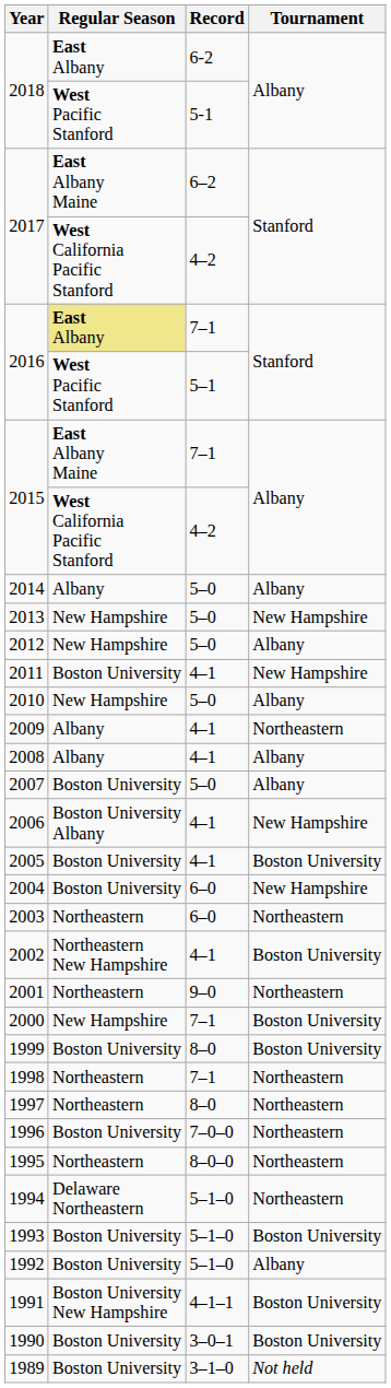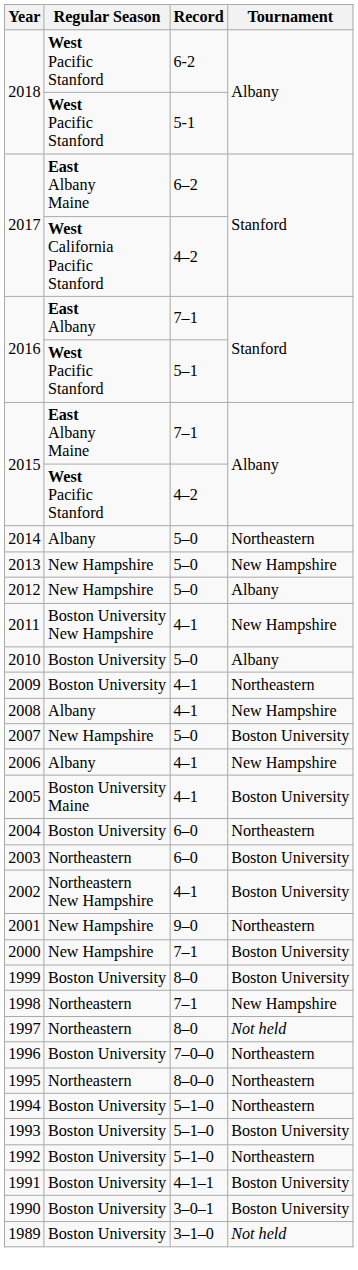 <table class="wikitable sortable">
 <tr>
 <th>Year</th>
 <th>Regular Season</th>
 <th>Record</th>
 <th>Tournament</th>
 </tr>
 <tr>
 <td rowspan=2>2018</td>
-<td><strong>East</strong><br>Albany</td>
+<td><strong>West</strong><br>Pacific<br>Stanford</td>
 <td>6-2</td>
 <td rowspan=2>Albany</td>
 </tr>
 <tr>
 <td><strong>West</strong><br>Pacific<br>Stanford</td>
 <td>5-1</td>
 </tr>
 <tr>
 <td rowspan=2>2017</td>
 <td><strong>East</strong><br>Albany<br>Maine</td>
 <td>6–2</td>
 <td rowspan=2>Stanford</td>
 </tr>
 <tr>
 <td><strong>West</strong><br>California<br>Pacific<br>Stanford</td>
 <td>4–2</td>
 </tr>
 <tr>
 <td rowspan=2>2016</td>
-<td style="background: khaki;"><strong>East</strong><br>Albany</td>
+<td><strong>East</strong><br>Albany</td>
 <td>7–1</td>
 <td rowspan=2>Stanford</td>
 </tr>
 <tr>
 <td><strong>West</strong><br>Pacific<br>Stanford</td>
 <td>5–1</td>
 </tr>
 <tr>
 <td rowspan=2>2015</td>
 <td><strong>East</strong><br>Albany<br>Maine</td>
 <td>7–1</td>
 <td rowspan=2>Albany</td>
 </tr>
 <tr>
-<td><strong>West</strong><br>California<br>Pacific<br>Stanford</td>
+<td><strong>West</strong><br>Pacific<br>Stanford</td>
 <td>4–2</td>
 </tr>
 <tr>
 <td>2014</td>
 <td>Albany</td>
 <td>5–0</td>
-<td>Albany</td>
+<td>Northeastern</td>
 </tr>
 <tr>
 <td>2013</td>
 <td>New Hampshire</td>
 <td>5–0</td>
 <td>New Hampshire</td>
 </tr>
 <tr>
 <td>2012</td>
 <td>New Hampshire</td>
 <td>5–0</td>
 <td>Albany</td>
 </tr>
 <tr>
 <td>2011</td>
-<td>Boston University</td>
+<td>Boston University<br>New Hampshire</td>
 <td>4–1</td>
 <td>New Hampshire</td>
 </tr>
 <tr>
 <td>2010</td>
-<td>New Hampshire</td>
+<td>Boston University</td>
 <td>5–0</td>
 <td>Albany</td>
 </tr>
 <tr>
 <td>2009</td>
-<td>Albany</td>
+<td>Boston University</td>
 <td>4–1</td>
 <td>Northeastern</td>
 </tr>
 <tr>
 <td>2008</td>
 <td>Albany</td>
 <td>4–1</td>
-<td>Albany</td>
+<td>New Hampshire</td>
 </tr>
 <tr>
 <td>2007</td>
+<td>New Hampshire</td>
+<td>5–0</td>
 <td>Boston University</td>
-<td>5–0</td>
-<td>Albany</td>
 </tr>
 <tr>
 <td>2006</td>
-<td>Boston University<br>Albany</td>
+<td>Albany</td>
 <td>4–1</td>
 <td>New Hampshire</td>
 </tr>
 <tr>
 <td>2005</td>
-<td>Boston University</td>
+<td>Boston University<br>Maine</td>
 <td>4–1</td>
 <td>Boston University</td>
 </tr>
 <tr>
 <td>2004</td>
 <td>Boston University</td>
 <td>6–0</td>
-<td>New Hampshire</td>
+<td>Northeastern</td>
 </tr>
 <tr>
 <td>2003</td>
 <td>Northeastern</td>
 <td>6–0</td>
-<td>Northeastern</td>
+<td>Boston University</td>
 </tr>
 <tr>
 <td>2002</td>
 <td>Northeastern<br>New Hampshire</td>
 <td>4–1</td>
 <td>Boston University</td>
 </tr>
 <tr>
 <td>2001</td>
-<td>Northeastern</td>
+<td>New Hampshire</td>
 <td>9–0</td>
 <td>Northeastern</td>
 </tr>
 <tr>
 <td>2000</td>
 <td>New Hampshire</td>
 <td>7–1</td>
 <td>Boston University</td>
 </tr>
 <tr>
 <td>1999</td>
 <td>Boston University</td>
 <td>8–0</td>
 <td>Boston University</td>
 </tr>
 <tr>
 <td>1998</td>
 <td>Northeastern</td>
 <td>7–1</td>
-<td>Northeastern</td>
+<td>New Hampshire</td>
 </tr>
 <tr>
 <td>1997</td>
 <td>Northeastern</td>
 <td>8–0</td>
-<td>Northeastern</td>
+<td><em>Not held</em></td>
 </tr>
 <tr>
 <td>1996</td>
 <td>Boston University</td>
 <td>7–0–0</td>
 <td>Northeastern</td>
 </tr>
 <tr>
 <td>1995</td>
 <td>Northeastern</td>
 <td>8–0–0</td>
 <td>Northeastern</td>
 </tr>
 <tr>
 <td>1994</td>
-<td>Delaware<br>Northeastern</td>
+<td>Boston University</td>
 <td>5–1–0</td>
 <td>Northeastern</td>
 </tr>
 <tr>
 <td>1993</td>
 <td>Boston University</td>
 <td>5–1–0</td>
 <td>Boston University</td>
 </tr>
 <tr>
 <td>1992</td>
 <td>Boston University</td>
 <td>5–1–0</td>
-<td>Albany</td>
+<td>Northeastern</td>
 </tr>
 <tr>
 <td>1991</td>
-<td>Boston University<br>New Hampshire</td>
+<td>Boston University</td>
 <td>4–1–1</td>
 <td>Boston University</td>
 </tr>
 <tr>
 <td>1990</td>
 <td>Boston University</td>
 <td>3–0–1</td>
 <td>Boston University</td>
 </tr>
 <tr>
 <td>1989</td>
 <td>Boston University</td>
 <td>3–1–0</td>
 <td><em>Not held</em></td>
 </tr>
 </table>
